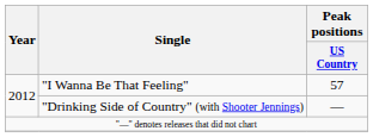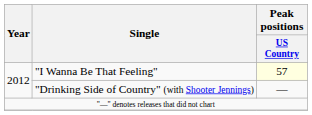 <table class="wikitable" style="text-align:center;">
 <tr>
 <th rowspan="2">Year</th>
 <th rowspan="2">Single</th>
 <th>Peak positions</th>
 </tr>
 <tr style="font-size:smaller;">
 <th width="65"><a href='#'>US Country</a></th>
 </tr>
 <tr>
 <td rowspan="2">2012</td>
 <td align="left">"I Wanna Be That Feeling"</td>
-<td>57</td>
+<td style="background: lightyellow;">57</td>
 </tr>
 <tr>
 <td align="left">"Drinking Side of Country" <small>(with <a href='#'>Shooter Jennings</a>)</small></td>
 <td>—</td>
 </tr>
 <tr>
 <td colspan="3" style="font-size:8pt">"—" denotes releases that did not chart</td>
 </tr>
 <tr>
 </tr>
 </table>
